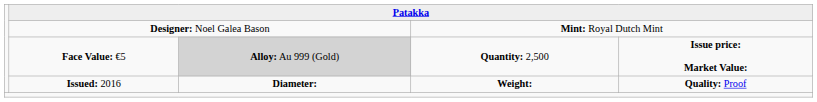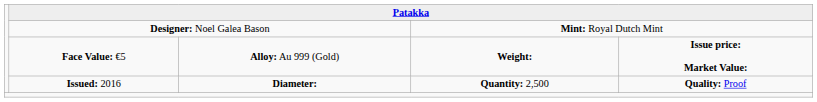 <table class="wikitable" width=100%>
 <tr>
 <td rowspan=4 width="330px" nowrap align=center></td>
 <th colspan="4" align=center style="background:#eeeeee;"><a href='#'>Patakka</a></th>
 </tr>
 <tr>
 <td colspan="2" width="50%" align=center><strong>Designer:</strong> Noel Galea Bason</td>
 <td colspan="2" width="50%" align=center><strong>Mint:</strong> Royal Dutch Mint</td>
 </tr>
 <tr>
 <td align=center><strong>Face Value:</strong> €5</td>
-<td align=center style="background: lightgrey;"><strong>Alloy:</strong> Au 999 (Gold)</td>
-<td align=center><strong>Quantity:</strong> 2,500</td>
+<td align=center><strong>Alloy:</strong> Au 999 (Gold)</td>
+<td align=center><strong>Weight:</strong> </td>
 <td align=center><strong>Issue price:</strong><br><br> <strong>Market Value:</strong></td>
 </tr>
 <tr>
 <td align=center><strong>Issued:</strong> 2016</td>
 <td align=center><strong>Diameter:</strong> </td>
-<td align=center><strong>Weight:</strong> </td>
+<td align=center><strong>Quantity:</strong> 2,500</td>
 <td align=center><strong>Quality:</strong> <a href='#'>Proof</a></td>
 </tr>
 <tr>
 <td colspan="5" align=left></td>
 </tr>
 </table>
